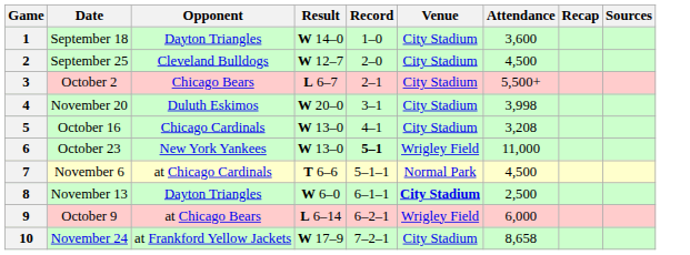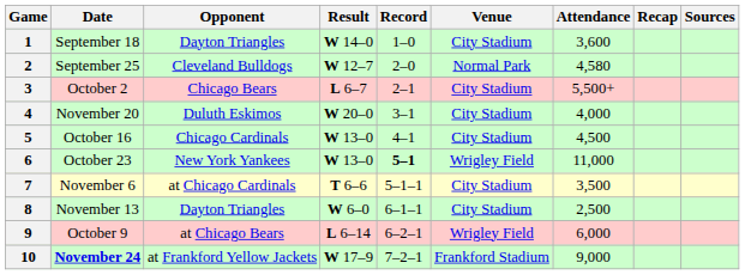 <table class="wikitable" style="text-align:center">
 <tr>
 <th>Game</th>
 <th>Date</th>
 <th>Opponent</th>
 <th>Result</th>
 <th>Record</th>
 <th>Venue</th>
 <th>Attendance</th>
 <th>Recap</th>
 <th>Sources</th>
 </tr>
 <tr style="background:#cfc">
 <th>1</th>
 <td>September 18</td>
 <td><a href='#'>Dayton Triangles</a></td>
 <td><strong>W</strong> 14–0</td>
 <td style="text-align:center;">1–0</td>
 <td><a href='#'>City Stadium</a></td>
 <td style="text-align:center;">3,600</td>
 <td></td>
 <td></td>
 </tr>
 <tr style="background:#cfc">
 <th>2</th>
 <td>September 25</td>
 <td><a href='#'>Cleveland Bulldogs</a></td>
 <td><strong>W</strong> 12–7</td>
 <td style="text-align:center;">2–0</td>
-<td><a href='#'>City Stadium</a></td>
-<td style="text-align:center;">4,500</td>
+<td><a href='#'>Normal Park</a></td>
+<td style="text-align:center;">4,580</td>
 <td></td>
 <td></td>
 </tr>
 <tr style="background:#fcc">
 <th>3</th>
 <td>October 2</td>
 <td><a href='#'>Chicago Bears</a></td>
 <td><strong>L</strong> 6–7</td>
 <td style="text-align:center;">2–1</td>
 <td><a href='#'>City Stadium</a></td>
 <td style="text-align:center;">5,500+</td>
 <td></td>
 <td></td>
 </tr>
 <tr style="background:#cfc">
 <th>4</th>
 <td>November 20</td>
 <td><a href='#'>Duluth Eskimos</a></td>
 <td><strong>W</strong> 20–0</td>
 <td style="text-align:center;">3–1</td>
 <td><a href='#'>City Stadium</a></td>
-<td style="text-align:center;">3,998</td>
+<td style="text-align:center;">4,000</td>
 <td></td>
 <td></td>
 </tr>
 <tr style="background:#cfc">
 <th>5</th>
 <td>October 16</td>
 <td><a href='#'>Chicago Cardinals</a></td>
 <td><strong>W</strong> 13–0</td>
 <td style="text-align:center;">4–1</td>
 <td><a href='#'>City Stadium</a></td>
-<td style="text-align:center;">3,208</td>
+<td style="text-align:center;">4,500</td>
 <td></td>
 <td></td>
 </tr>
 <tr style="background:#cfc">
 <th>6</th>
 <td>October 23</td>
 <td><a href='#'>New York Yankees</a></td>
 <td><strong>W</strong> 13–0</td>
 <td style="text-align:center;"><strong>5–1</strong></td>
 <td><a href='#'>Wrigley Field</a></td>
 <td style="text-align:center;">11,000</td>
 <td></td>
 <td></td>
 </tr>
 <tr style="background:#ffc">
 <th>7</th>
 <td>November 6</td>
 <td>at <a href='#'>Chicago Cardinals</a></td>
 <td><strong>T</strong> 6–6</td>
 <td style="text-align:center;">5–1–1</td>
-<td><a href='#'>Normal Park</a></td>
-<td style="text-align:center;">4,500</td>
+<td><a href='#'>City Stadium</a></td>
+<td style="text-align:center;">3,500</td>
 <td></td>
 <td></td>
 </tr>
 <tr style="background:#cfc">
 <th>8</th>
 <td>November 13</td>
 <td><a href='#'>Dayton Triangles</a></td>
 <td><strong>W</strong> 6–0</td>
 <td style="text-align:center;">6–1–1</td>
-<td><strong><a href='#'>City Stadium</a></strong></td>
+<td><a href='#'>City Stadium</a></td>
 <td style="text-align:center;">2,500</td>
 <td></td>
 <td></td>
 </tr>
 <tr style="background:#fcc">
 <th>9</th>
 <td>October 9</td>
 <td>at <a href='#'>Chicago Bears</a></td>
 <td><strong>L</strong> 6–14</td>
 <td style="text-align:center;">6–2–1</td>
 <td><a href='#'>Wrigley Field</a></td>
 <td style="text-align:center;">6,000</td>
 <td></td>
 <td></td>
 </tr>
 <tr style="background:#cfc">
 <th>10</th>
-<td><a href='#'>November 24</a></td>
+<td><strong><a href='#'>November 24</a></strong></td>
 <td>at <a href='#'>Frankford Yellow Jackets</a></td>
 <td><strong>W</strong> 17–9</td>
 <td style="text-align:center;">7–2–1</td>
-<td><a href='#'>City Stadium</a></td>
-<td style="text-align:center;">8,658</td>
+<td><a href='#'>Frankford Stadium</a></td>
+<td style="text-align:center;">9,000</td>
 <td></td>
 <td></td>
 </tr>
 </table>
